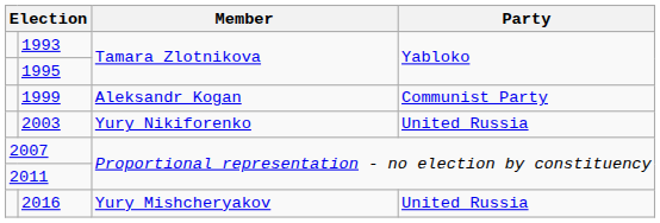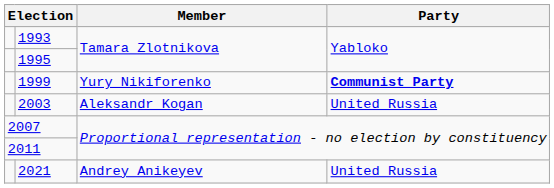 <table class="wikitable">
 <tr>
 <th colspan="2">Election</th>
 <th>Member</th>
 <th>Party</th>
 </tr>
 <tr>
 <td style="background-color:"></td>
 <td><a href='#'>1993</a></td>
 <td rowspan=2><a href='#'>Tamara Zlotnikova</a></td>
 <td rowspan=2><a href='#'>Yabloko</a></td>
 </tr>
 <tr>
 <td style="background-color:"></td>
 <td><a href='#'>1995</a></td>
 </tr>
 <tr>
 <td style="background-color:"></td>
 <td><a href='#'>1999</a></td>
-<td><a href='#'>Aleksandr Kogan</a></td>
-<td><a href='#'>Communist Party</a></td>
+<td><a href='#'>Yury Nikiforenko</a></td>
+<td><strong><a href='#'>Communist Party</a></strong></td>
 </tr>
 <tr>
 <td style="background-color:"></td>
 <td><a href='#'>2003</a></td>
-<td><a href='#'>Yury Nikiforenko</a></td>
+<td><a href='#'>Aleksandr Kogan</a></td>
 <td><a href='#'>United Russia</a></td>
 </tr>
 <tr>
 <td colspan=2><a href='#'>2007</a></td>
 <td colspan=2 rowspan=2><em><a href='#'>Proportional representation</a> - no election by constituency</em></td>
 </tr>
 <tr>
 <td colspan=2><a href='#'>2011</a></td>
 </tr>
 <tr>
 <td style="background-color: "></td>
-<td><a href='#'>2016</a></td>
-<td><a href='#'>Yury Mishcheryakov</a></td>
+<td><a href='#'>2021</a></td>
+<td><a href='#'>Andrey Anikeyev</a></td>
 <td><a href='#'>United Russia</a></td>
 </tr>
 </table>
